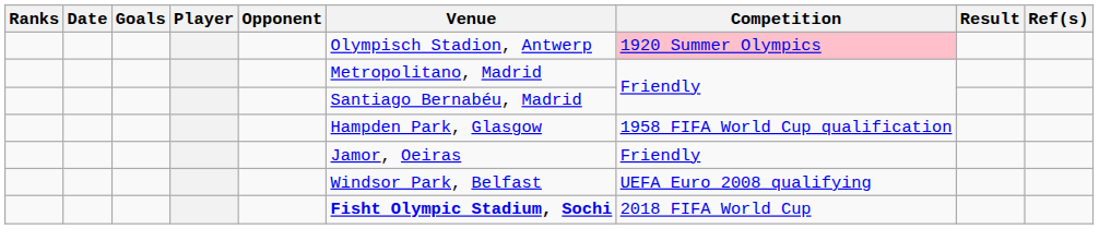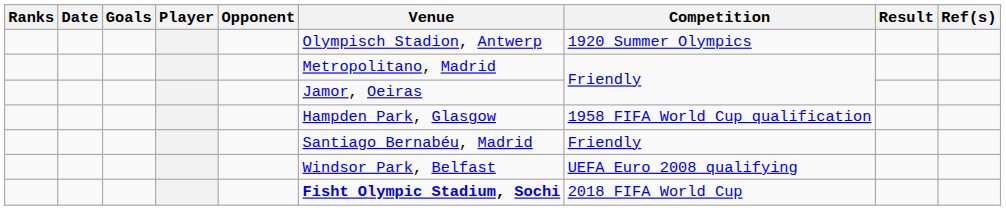 <table class="wikitable plainrowheaders sortable">
 <tr>
 <th scope="col">Ranks</th>
 <th scope="col">Date</th>
 <th scope="col">Goals</th>
 <th scope="col">Player</th>
 <th scope="col">Opponent</th>
 <th scope="col">Venue</th>
 <th scope="col">Competition</th>
 <th scope="col">Result </th>
 <th scope="col" class="unsortable">Ref(s)</th>
 </tr>
 <tr>
 <td></td>
 <td></td>
 <td></td>
 <th scope="row"></th>
 <td></td>
 <td><a href='#'>Olympisch Stadion</a>, <a href='#'>Antwerp</a></td>
-<td style="background: pink;"><a href='#'>1920 Summer Olympics</a></td>
+<td><a href='#'>1920 Summer Olympics</a></td>
 <td></td>
 <td></td>
 </tr>
 <tr>
 <td></td>
 <td></td>
 <td></td>
 <th scope="row"></th>
 <td></td>
 <td><a href='#'>Metropolitano</a>, <a href='#'>Madrid</a></td>
 <td rowspan="2"><a href='#'>Friendly</a></td>
 <td></td>
 <td></td>
 </tr>
 <tr>
 <td></td>
 <td></td>
 <td></td>
 <th scope="row"></th>
 <td></td>
-<td><a href='#'>Santiago Bernabéu</a>, <a href='#'>Madrid</a></td>
+<td><a href='#'>Jamor</a>, <a href='#'>Oeiras</a></td>
 <td></td>
 <td></td>
 </tr>
 <tr>
 <td></td>
 <td></td>
 <td></td>
 <th scope="row"></th>
 <td></td>
 <td><a href='#'>Hampden Park</a>, <a href='#'>Glasgow</a></td>
 <td><a href='#'>1958 FIFA World Cup qualification</a></td>
 <td></td>
 <td></td>
 </tr>
 <tr>
 <td></td>
 <td></td>
 <td></td>
 <th scope="row"></th>
 <td></td>
-<td><a href='#'>Jamor</a>, <a href='#'>Oeiras</a></td>
+<td><a href='#'>Santiago Bernabéu</a>, <a href='#'>Madrid</a></td>
 <td><a href='#'>Friendly</a></td>
 <td></td>
 <td></td>
 </tr>
 <tr>
 <td></td>
 <td></td>
 <td></td>
 <th scope="row"></th>
 <td></td>
 <td><a href='#'>Windsor Park</a>, <a href='#'>Belfast</a></td>
 <td><a href='#'>UEFA Euro 2008 qualifying</a></td>
 <td></td>
 <td></td>
 </tr>
 <tr>
 <td></td>
 <td></td>
 <td></td>
 <th scope="row"></th>
 <td></td>
 <td><strong><a href='#'>Fisht Olympic Stadium</a>, <a href='#'>Sochi</a></strong></td>
 <td><a href='#'>2018 FIFA World Cup</a></td>
 <td></td>
 <td></td>
 </tr>
 </table>
